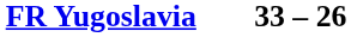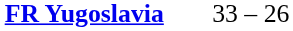 <table style="text-align:center">
 <tr>
 <th width=200></th>
 <th width=100></th>
 <th width=200></th>
 </tr>
 <tr>
 <td align=right><strong><a href='#'>FR Yugoslavia</a> </strong></td>
-<td><strong>33 – 26</strong></td>
+<td>33 – 26</td>
 <td align=left></td>
 </tr>
 </table>
